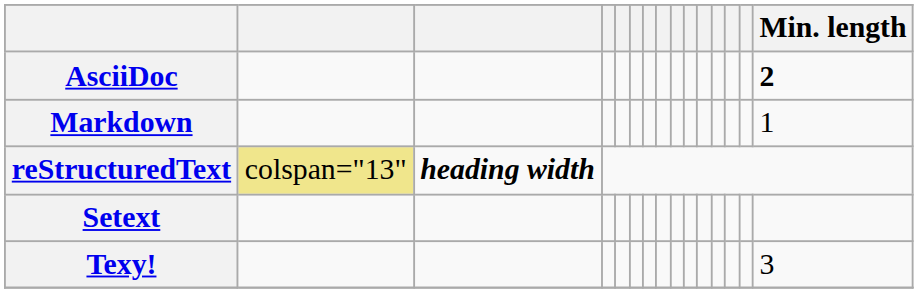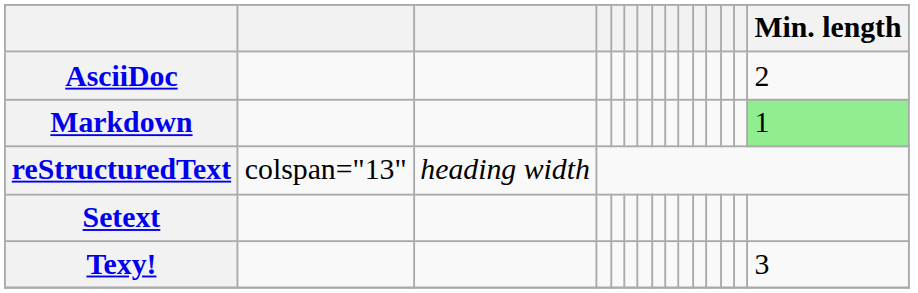 <table class="wikitable sortable">
 <tr>
 <th></th>
 <th><code></code></th>
 <th><code></code></th>
 <th><code></code></th>
 <th><code></code></th>
 <th><code></code></th>
 <th><code></code></th>
 <th><code></code></th>
 <th><code></code></th>
 <th><code></code></th>
 <th><code></code></th>
 <th><code></code></th>
 <th><code></code></th>
 <th><code></code></th>
 <th title="Minimum of characters">Min. length<br></th>
 </tr>
 <tr>
 <th><a href='#'>AsciiDoc</a></th>
 <td></td>
 <td></td>
 <td></td>
 <td></td>
 <td></td>
 <td></td>
 <td></td>
 <td></td>
 <td></td>
 <td></td>
 <td></td>
 <td></td>
 <td></td>
-<td><strong>2</strong></td>
+<td>2</td>
 </tr>
 <tr>
 <th><a href='#'>Markdown</a></th>
 <td></td>
 <td></td>
 <td></td>
 <td></td>
 <td></td>
 <td></td>
 <td></td>
 <td></td>
 <td></td>
 <td></td>
 <td></td>
 <td></td>
 <td></td>
-<td>1</td>
+<td style="background: lightgreen;">1</td>
 </tr>
 <tr>
 <th><a href='#'>reStructuredText</a></th>
-<td style="background: khaki;">colspan="13" </td>
-<td><strong><em>heading width</em></strong></td>
+<td>colspan="13" </td>
+<td><em>heading width</em></td>
 </tr>
 <tr>
 <th><a href='#'>Setext</a></th>
 <td></td>
 <td></td>
 <td></td>
 <td></td>
 <td></td>
 <td></td>
 <td></td>
 <td></td>
 <td></td>
 <td></td>
 <td></td>
 <td></td>
 <td></td>
 <td></td>
 </tr>
 <tr>
 <th><a href='#'>Texy!</a></th>
 <td></td>
 <td></td>
 <td></td>
 <td></td>
 <td></td>
 <td></td>
 <td></td>
 <td></td>
 <td></td>
 <td></td>
 <td></td>
 <td></td>
 <td></td>
 <td>3</td>
 </tr>
 <tr>
 </tr>
 </table>
